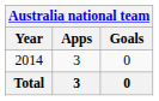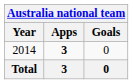 <table class="wikitable" style="text-align:center">
 <tr>
 <th colspan=3><a href='#'>Australia national team</a></th>
 </tr>
 <tr>
 <th>Year</th>
 <th>Apps</th>
 <th>Goals</th>
 </tr>
 <tr>
 <td>2014</td>
-<td>3</td>
+<td><strong>3</strong></td>
 <td>0</td>
 </tr>
 <tr>
 <th>Total</th>
 <th>3</th>
 <th>0</th>
 </tr>
 </table>
